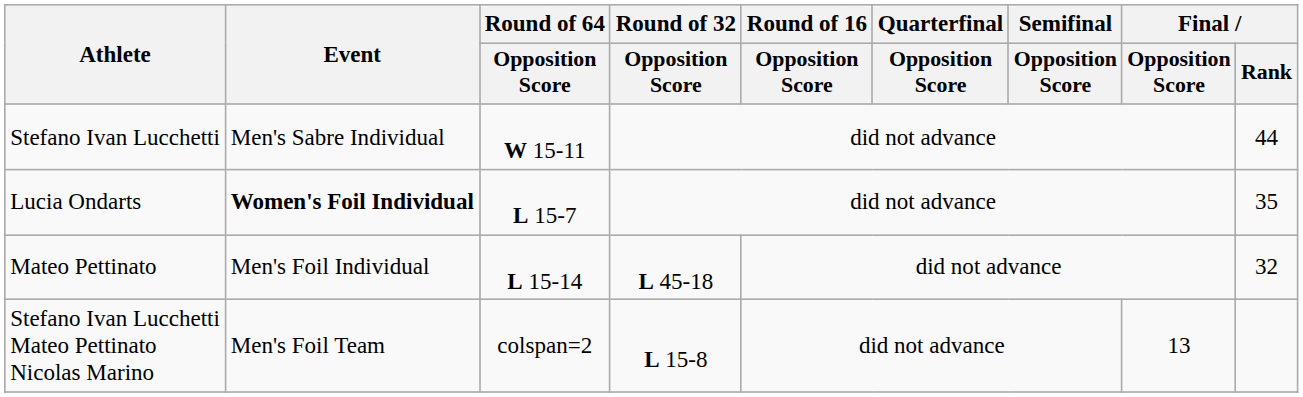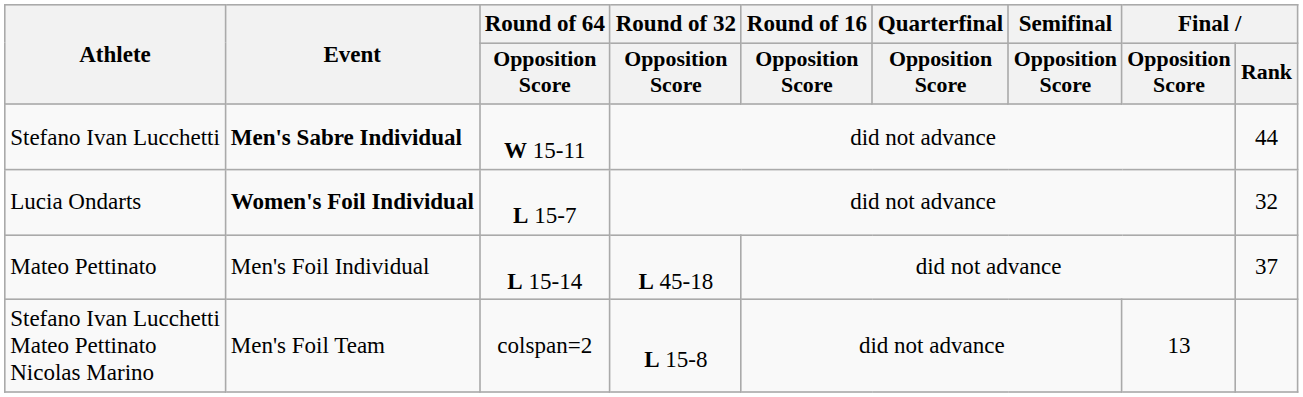 <table class="wikitable" style="font-size:90%">
 <tr>
 <th rowspan=2>Athlete</th>
 <th rowspan=2>Event</th>
 <th>Round of 64</th>
 <th>Round of 32</th>
 <th>Round of 16</th>
 <th>Quarterfinal</th>
 <th>Semifinal</th>
 <th colspan=2>Final / </th>
 </tr>
 <tr style="font-size:95%">
 <th>Opposition<br>Score</th>
 <th>Opposition<br>Score</th>
 <th>Opposition<br>Score</th>
 <th>Opposition<br>Score</th>
 <th>Opposition<br>Score</th>
 <th>Opposition<br>Score</th>
 <th>Rank</th>
 </tr>
 <tr align=center>
 <td align=left>Stefano Ivan Lucchetti</td>
-<td align=left>Men's Sabre Individual</td>
+<td align=left><strong>Men's Sabre Individual</strong></td>
 <td><br><strong>W</strong> 15-11</td>
 <td colspan=5>did not advance</td>
 <td>44</td>
 </tr>
 <tr align=center>
 <td align=left>Lucia Ondarts</td>
 <td align=left><strong>Women's Foil Individual</strong></td>
 <td><br><strong>L</strong> 15-7</td>
 <td colspan=5>did not advance</td>
-<td>35</td>
+<td>32</td>
 </tr>
 <tr align=center>
 <td align=left>Mateo Pettinato</td>
 <td align=left>Men's Foil Individual</td>
 <td><br><strong>L</strong> 15-14</td>
 <td><br><strong>L</strong> 45-18</td>
 <td colspan=4>did not advance</td>
-<td>32</td>
+<td>37</td>
 </tr>
 <tr align=center>
 <td align=left>Stefano Ivan Lucchetti<br>Mateo Pettinato<br>Nicolas Marino</td>
 <td align=left>Men's Foil Team</td>
 <td>colspan=2 </td>
 <td><br><strong>L</strong> 15-8</td>
 <td colspan=3>did not advance</td>
 <td>13</td>
 </tr>
 </table>
